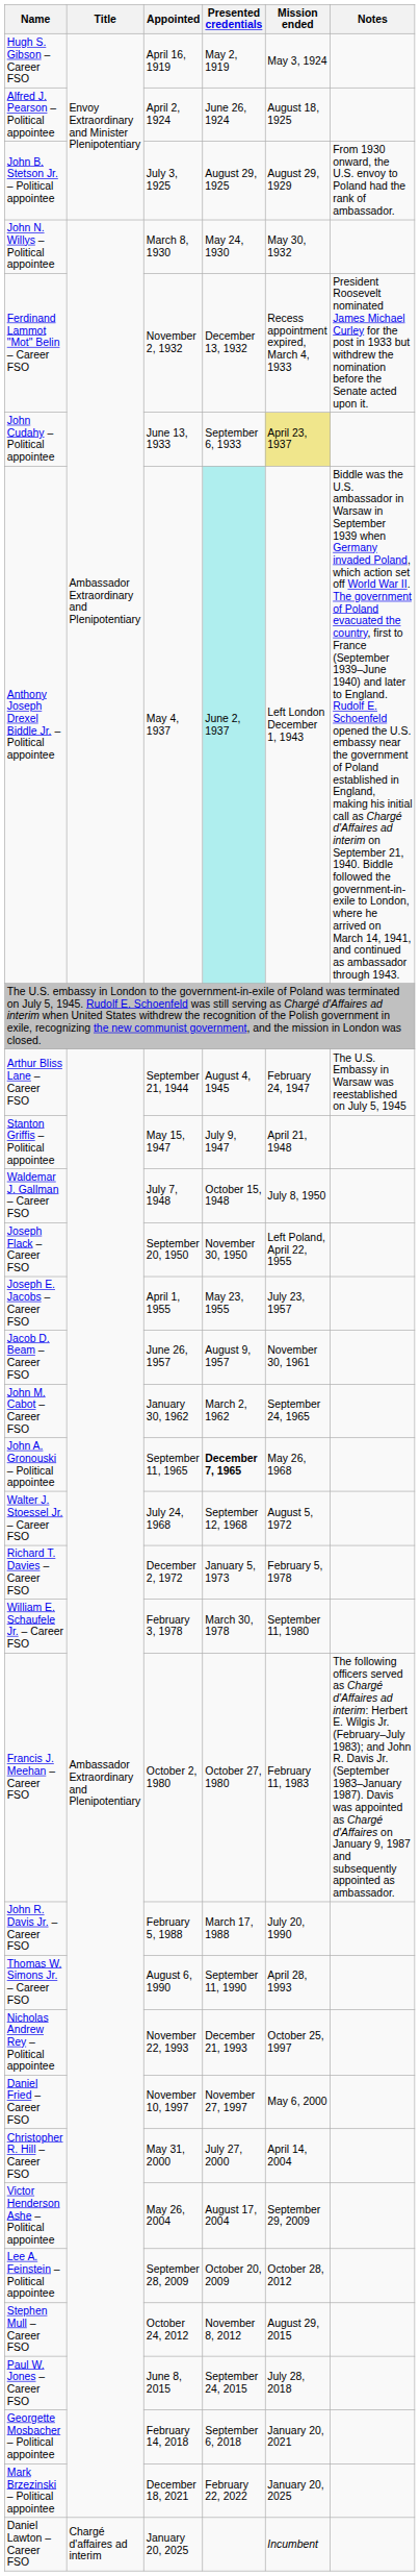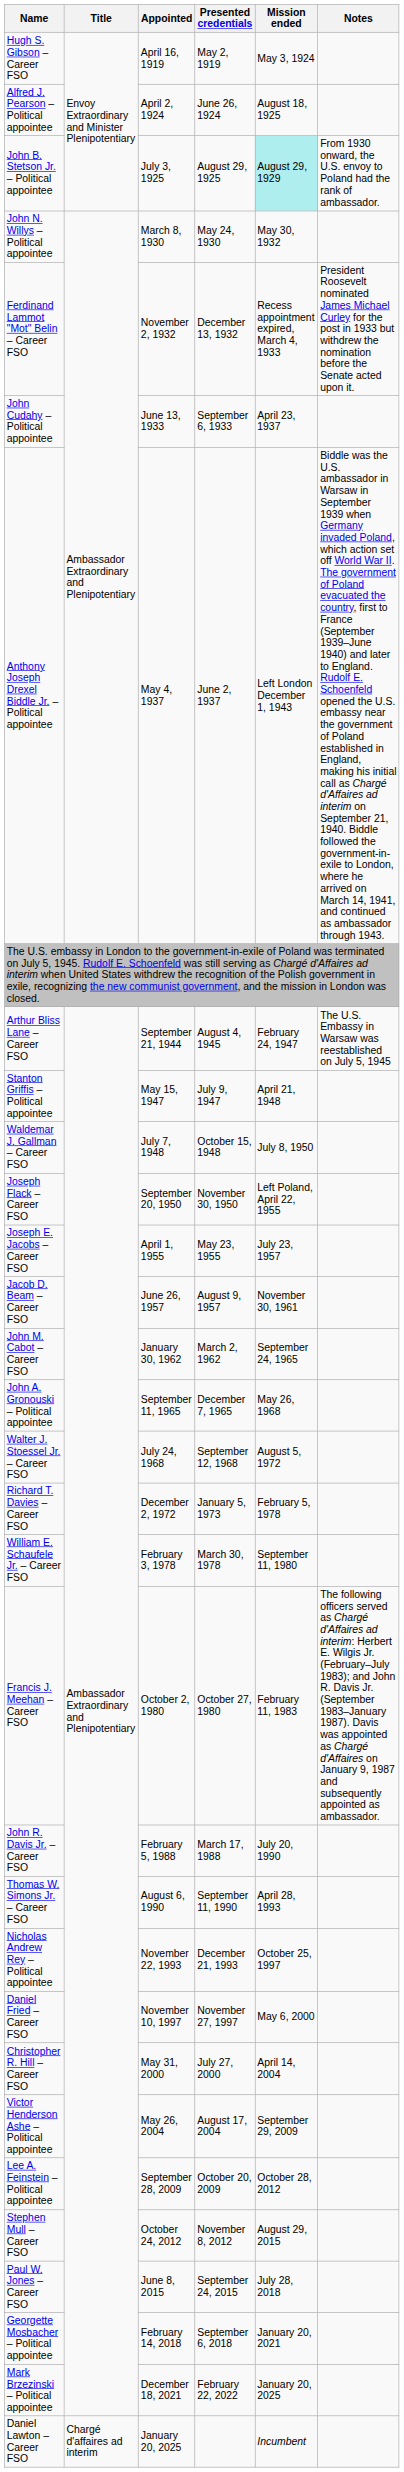 <table class="wikitable">
 <tr>
 <th>Name</th>
 <th>Title</th>
 <th>Appointed</th>
 <th>Presented <a href='#'>credentials</a></th>
 <th>Mission ended</th>
 <th>Notes</th>
 </tr>
 <tr>
 <td><a href='#'>Hugh S. Gibson</a> – Career FSO</td>
 <td rowspan="3">Envoy Extraordinary and Minister Plenipotentiary</td>
 <td>April 16, 1919</td>
 <td>May 2, 1919</td>
 <td>May 3, 1924</td>
 <td></td>
 </tr>
 <tr>
 <td><a href='#'>Alfred J. Pearson</a> – Political appointee</td>
 <td>April 2, 1924</td>
 <td>June 26, 1924</td>
 <td>August 18, 1925</td>
 <td></td>
 </tr>
 <tr>
 <td><a href='#'>John B. Stetson Jr.</a> – Political appointee</td>
 <td>July 3, 1925</td>
 <td>August 29, 1925</td>
-<td>August 29, 1929</td>
+<td style="background: paleturquoise;">August 29, 1929</td>
 <td>From 1930 onward, the U.S. envoy to Poland had the rank of ambassador.</td>
 </tr>
 <tr>
 <td><a href='#'>John N. Willys</a> – Political appointee</td>
 <td rowspan="4">Ambassador Extraordinary and Plenipotentiary</td>
 <td>March 8, 1930</td>
 <td>May 24, 1930</td>
 <td>May 30, 1932</td>
 <td></td>
 </tr>
 <tr>
 <td><a href='#'>Ferdinand Lammot "Mot" Belin</a> – Career FSO</td>
 <td>November 2, 1932</td>
 <td>December 13, 1932</td>
 <td>Recess appointment expired, March 4, 1933</td>
 <td>President Roosevelt nominated <a href='#'>James Michael Curley</a> for the post in 1933 but withdrew the nomination before the Senate acted upon it.</td>
 </tr>
 <tr>
 <td><a href='#'>John Cudahy</a> – Political appointee</td>
 <td>June 13, 1933</td>
 <td>September 6, 1933</td>
-<td style="background: khaki;">April 23, 1937</td>
+<td>April 23, 1937</td>
 <td></td>
 </tr>
 <tr>
 <td><a href='#'>Anthony Joseph Drexel Biddle Jr.</a> – Political appointee</td>
 <td>May 4, 1937</td>
-<td style="background: paleturquoise;">June 2, 1937</td>
+<td>June 2, 1937</td>
 <td>Left London December 1, 1943</td>
 <td>Biddle was the U.S. ambassador in Warsaw in September 1939 when <a href='#'>Germany invaded Poland</a>, which action set off <a href='#'>World War II</a>. <a href='#'>The government of Poland evacuated the country</a>, first to France (September 1939–June 1940) and later to England. <a href='#'>Rudolf E. Schoenfeld</a> opened the U.S. embassy near the government of Poland established in England, making his initial call as <em>Chargé d'Affaires ad interim </em>on September 21, 1940. Biddle followed the government-in-exile to London, where he arrived on March 14, 1941, and continued as ambassador through 1943.</td>
 </tr>
 <tr>
 <td colspan="6" style="background: silver;">The U.S. embassy in London to the government-in-exile of Poland was terminated on July 5, 1945. <a href='#'>Rudolf E. Schoenfeld</a> was still serving as <em>Chargé d'Affaires ad interim</em> when United States withdrew the recognition of the Polish government in exile, recognizing <a href='#'>the new communist government</a>, and the mission in London was closed.</td>
 </tr>
 <tr>
 <td><a href='#'>Arthur Bliss Lane</a> – Career FSO</td>
 <td rowspan="23">Ambassador Extraordinary and Plenipotentiary</td>
 <td>September 21, 1944</td>
 <td>August 4, 1945</td>
 <td>February 24, 1947</td>
 <td>The U.S. Embassy in Warsaw was reestablished on July 5, 1945</td>
 </tr>
 <tr>
 <td><a href='#'>Stanton Griffis</a> – Political appointee</td>
 <td>May 15, 1947</td>
 <td>July 9, 1947</td>
 <td>April 21, 1948</td>
 <td></td>
 </tr>
 <tr>
 <td><a href='#'>Waldemar J. Gallman</a> – Career FSO</td>
 <td>July 7, 1948</td>
 <td>October 15, 1948</td>
 <td>July 8, 1950</td>
 <td></td>
 </tr>
 <tr>
 <td><a href='#'>Joseph Flack</a> – Career FSO</td>
 <td>September 20, 1950</td>
 <td>November 30, 1950</td>
 <td>Left Poland, April 22, 1955</td>
 <td></td>
 </tr>
 <tr>
 <td><a href='#'>Joseph E. Jacobs</a> – Career FSO</td>
 <td>April 1, 1955</td>
 <td>May 23, 1955</td>
 <td>July 23, 1957</td>
 <td></td>
 </tr>
 <tr>
 <td><a href='#'>Jacob D. Beam</a> – Career FSO</td>
 <td>June 26, 1957</td>
 <td>August 9, 1957</td>
 <td>November 30, 1961</td>
 <td></td>
 </tr>
 <tr>
 <td><a href='#'>John M. Cabot</a> – Career FSO</td>
 <td>January 30, 1962</td>
 <td>March 2, 1962</td>
 <td>September 24, 1965</td>
 <td></td>
 </tr>
 <tr>
 <td><a href='#'>John A. Gronouski</a> – Political appointee</td>
 <td>September 11, 1965</td>
-<td><strong>December 7, 1965</strong></td>
+<td>December 7, 1965</td>
 <td>May 26, 1968</td>
 <td></td>
 </tr>
 <tr>
 <td><a href='#'>Walter J. Stoessel Jr.</a> – Career FSO</td>
 <td>July 24, 1968</td>
 <td>September 12, 1968</td>
 <td>August 5, 1972</td>
 <td></td>
 </tr>
 <tr>
 <td><a href='#'>Richard T. Davies</a> – Career FSO</td>
 <td>December 2, 1972</td>
 <td>January 5, 1973</td>
 <td>February 5, 1978</td>
 <td></td>
 </tr>
 <tr>
 <td><a href='#'>William E. Schaufele Jr.</a> – Career FSO</td>
 <td>February 3, 1978</td>
 <td>March 30, 1978</td>
 <td>September 11, 1980</td>
 <td></td>
 </tr>
 <tr>
 <td><a href='#'>Francis J. Meehan</a> – Career FSO</td>
 <td>October 2, 1980</td>
 <td>October 27, 1980</td>
 <td>February 11, 1983</td>
 <td>The following officers served as <em>Chargé d'Affaires ad interim</em>: Herbert E. Wilgis Jr. (February–July 1983); and John R. Davis Jr. (September 1983–January 1987). Davis was appointed as <em>Chargé d'Affaires</em> on January 9, 1987 and subsequently appointed as ambassador.</td>
 </tr>
 <tr>
 <td><a href='#'>John R. Davis Jr.</a> – Career FSO</td>
 <td>February 5, 1988</td>
 <td>March 17, 1988</td>
 <td>July 20, 1990</td>
 <td></td>
 </tr>
 <tr>
 <td><a href='#'>Thomas W. Simons Jr.</a> – Career FSO</td>
 <td>August 6, 1990</td>
 <td>September 11, 1990</td>
 <td>April 28, 1993</td>
 <td></td>
 </tr>
 <tr>
 <td><a href='#'>Nicholas Andrew Rey</a> – Political appointee</td>
 <td>November 22, 1993</td>
 <td>December 21, 1993</td>
 <td>October 25, 1997</td>
 <td></td>
 </tr>
 <tr>
 <td><a href='#'>Daniel Fried</a> – Career FSO</td>
 <td>November 10, 1997</td>
 <td>November 27, 1997</td>
 <td>May 6, 2000</td>
 <td></td>
 </tr>
 <tr>
 <td><a href='#'>Christopher R. Hill</a> – Career FSO</td>
 <td>May 31, 2000</td>
 <td>July 27, 2000</td>
 <td>April 14, 2004</td>
 <td></td>
 </tr>
 <tr>
 <td><a href='#'>Victor Henderson Ashe</a> – Political appointee</td>
 <td>May 26, 2004</td>
 <td>August 17, 2004</td>
 <td>September 29, 2009</td>
 <td></td>
 </tr>
 <tr>
 <td><a href='#'>Lee A. Feinstein</a> – Political appointee</td>
 <td>September 28, 2009</td>
 <td>October 20, 2009</td>
 <td>October 28, 2012</td>
 <td></td>
 </tr>
 <tr>
 <td><a href='#'>Stephen Mull</a> – Career FSO</td>
 <td>October 24, 2012</td>
 <td>November 8, 2012</td>
 <td>August 29, 2015</td>
 </tr>
 <tr>
 <td><a href='#'>Paul W. Jones</a> – Career FSO</td>
 <td>June 8, 2015</td>
 <td>September 24, 2015</td>
 <td>July 28, 2018</td>
 <td></td>
 </tr>
 <tr>
 <td><a href='#'>Georgette Mosbacher</a> – Political appointee</td>
 <td>February 14, 2018</td>
 <td>September 6, 2018</td>
 <td>January 20, 2021</td>
 <td></td>
 </tr>
 <tr>
 <td><a href='#'>Mark Brzezinski</a> – Political appointee</td>
 <td>December 18, 2021</td>
 <td>February 22, 2022</td>
 <td>January 20, 2025</td>
 <td></td>
 </tr>
 <tr>
 <td>Daniel Lawton – Career FSO</td>
 <td>Chargé d'affaires ad interim</td>
 <td>January 20, 2025</td>
 <td></td>
 <td><em>Incumbent</em></td>
 <td></td>
 </tr>
 </table>
